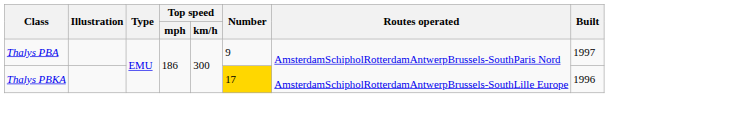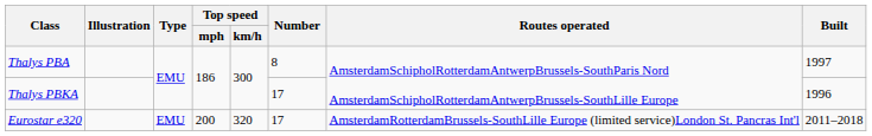 <table class="wikitable">
 <tr ---- bgcolor=#f9f9f9>
 <th rowspan="2"> Class </th>
 <th rowspan="2">Illustration</th>
 <th rowspan="2"> Type </th>
 <th colspan="2"> Top speed </th>
 <th rowspan="2"> Number </th>
 <th rowspan="2"> Routes operated </th>
 <th rowspan="2"> Built </th>
 </tr>
 <tr ---- bgcolor=#f9f9f9>
 <th> mph </th>
 <th>km/h </th>
 </tr>
 <tr>
 <td><a href='#'><em>Thalys PBA</em></a></td>
 <td></td>
 <td rowspan="2"><a href='#'>EMU</a></td>
 <td rowspan="2">186</td>
 <td rowspan="2">300</td>
-<td>9</td>
+<td>8</td>
 <td rowspan="2"><br><a href='#'>Amsterdam</a><a href='#'>Schiphol</a><a href='#'>Rotterdam</a><a href='#'>Antwerp</a><a href='#'>Brussels-South</a><a href='#'>Paris Nord</a><br><br> <a href='#'>Amsterdam</a><a href='#'>Schiphol</a><a href='#'>Rotterdam</a><a href='#'>Antwerp</a><a href='#'>Brussels-South</a><a href='#'>Lille Europe</a></td>
 <td>1997</td>
 </tr>
 <tr>
 <td><a href='#'><em>Thalys PBKA</em></a></td>
 <td></td>
-<td style="background: gold;">17</td>
+<td>17</td>
 <td>1996</td>
 </tr>
+<tr>
+<td><a href='#'><em>Eurostar e320</em></a></td>
+<td></td>
+<td><a href='#'>EMU</a></td>
+<td>200</td>
+<td>320</td>
+<td>17</td>
+<td><a href='#'>Amsterdam</a><a href='#'>Rotterdam</a><a href='#'>Brussels-South</a><a href='#'>Lille Europe</a> (limited service)<a href='#'>London St. Pancras Int'l</a></td>
+<td>2011–2018</td>
+</tr>
 </table>
